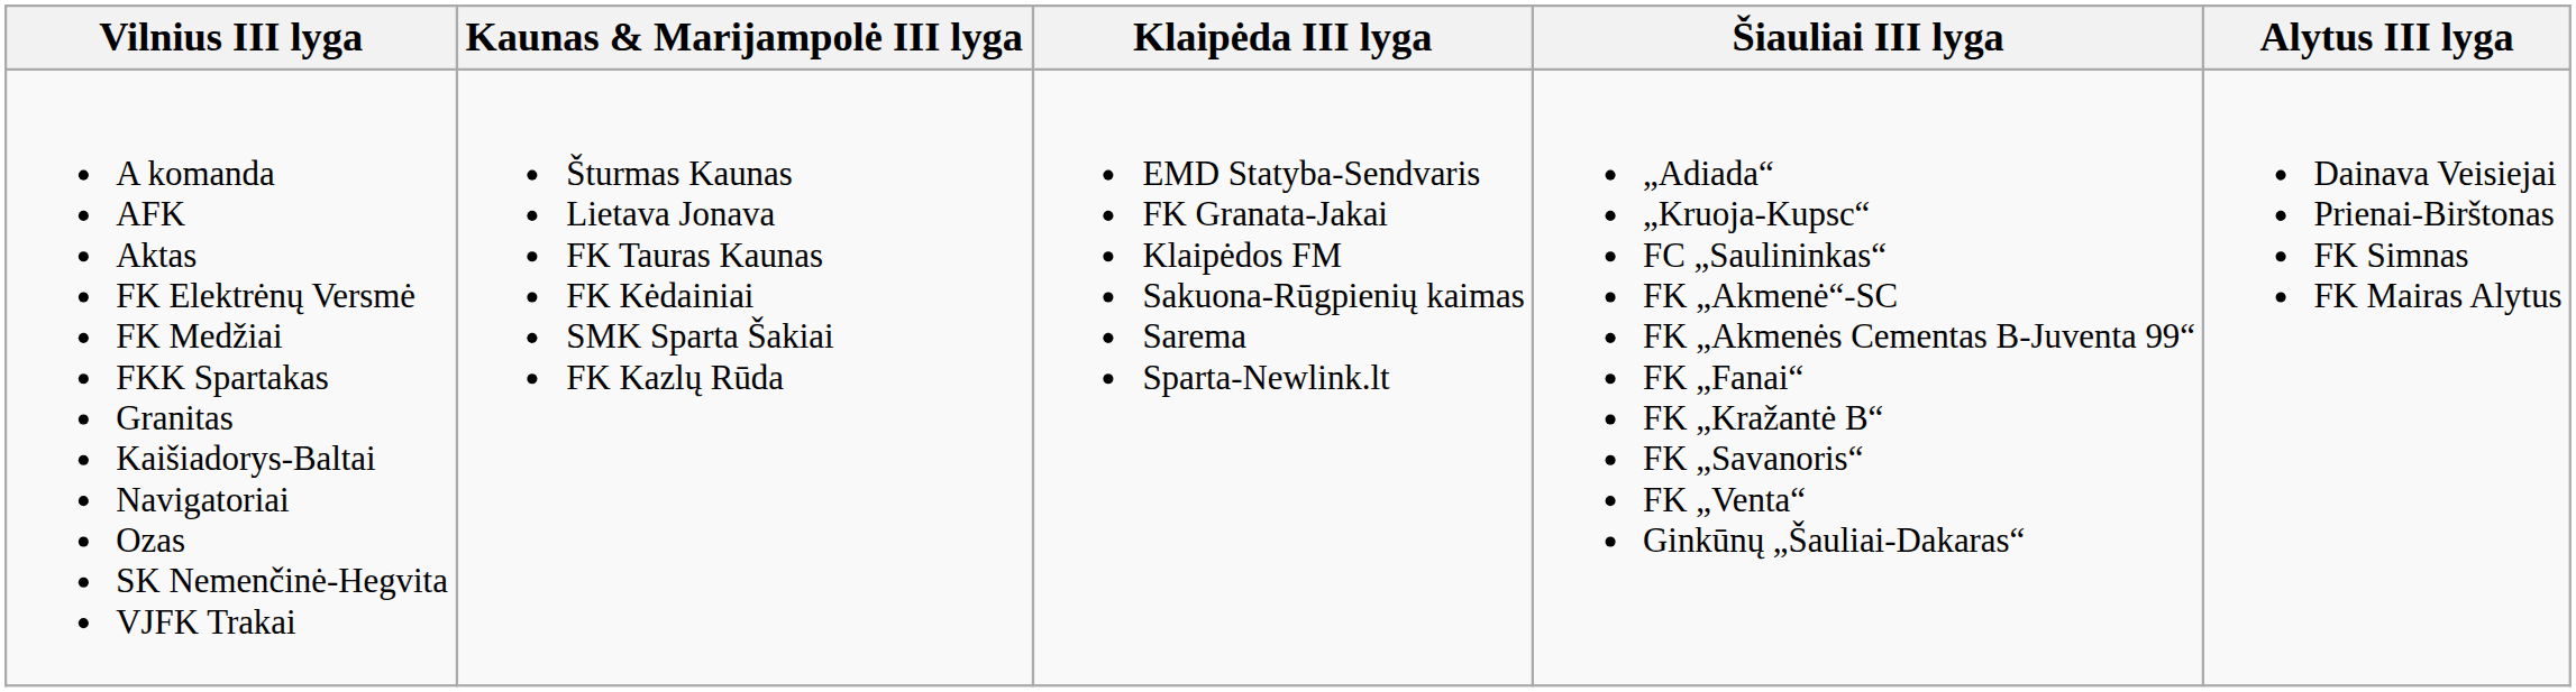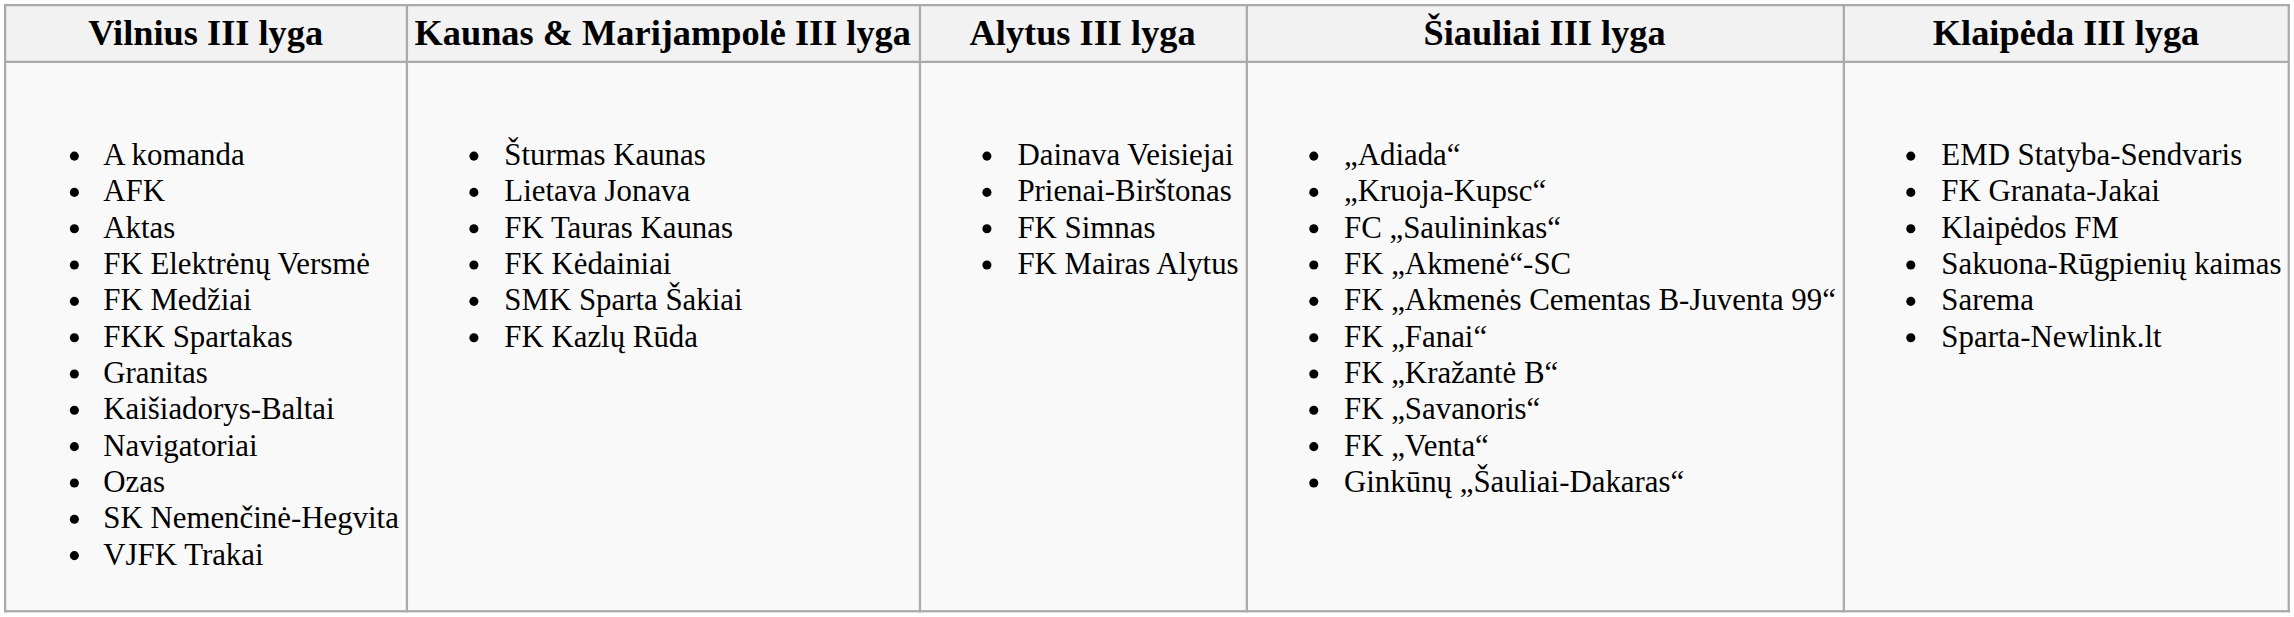 <table class="wikitable">
 <tr>
 <th>Vilnius III lyga</th>
 <th>Kaunas & Marijampolė III lyga</th>
+<th>Alytus III lyga</th>
+<th>Šiauliai III lyga</th>
 <th>Klaipėda III lyga</th>
-<th>Šiauliai III lyga</th>
-<th>Alytus III lyga</th>
 </tr>
 <tr style="vertical-align:top; font-size:85%;">
 <td><br><ul><li>A komanda</li><li>AFK</li><li>Aktas</li><li>FK Elektrėnų Versmė</li><li>FK Medžiai</li><li>FKK Spartakas</li><li>Granitas</li><li>Kaišiadorys-Baltai</li><li>Navigatoriai</li><li>Ozas</li><li>SK Nemenčinė-Hegvita</li><li>VJFK Trakai</li></ul></td>
 <td><br><ul><li>Šturmas Kaunas</li><li>Lietava Jonava</li><li>FK Tauras Kaunas</li><li>FK Kėdainiai</li><li>SMK Sparta Šakiai</li><li>FK Kazlų Rūda</li></ul></td>
+<td><br><ul><li>Dainava Veisiejai</li><li>Prienai-Birštonas</li><li>FK Simnas</li><li>FK Mairas Alytus</li></ul></td>
+<td><br><ul><li>„Adiada“</li><li>„Kruoja-Kupsc“</li><li>FC „Saulininkas“</li><li>FK „Akmenė“-SC</li><li>FK „Akmenės Cementas B-Juventa 99“</li><li>FK „Fanai“</li><li>FK „Kražantė B“</li><li>FK „Savanoris“</li><li>FK „Venta“</li><li>Ginkūnų „Šauliai-Dakaras“</li></ul></td>
 <td><br><ul><li>EMD Statyba-Sendvaris</li><li>FK Granata-Jakai</li><li>Klaipėdos FM</li><li>Sakuona-Rūgpienių kaimas</li><li>Sarema</li><li>Sparta-Newlink.lt</li></ul></td>
-<td><br><ul><li>„Adiada“</li><li>„Kruoja-Kupsc“</li><li>FC „Saulininkas“</li><li>FK „Akmenė“-SC</li><li>FK „Akmenės Cementas B-Juventa 99“</li><li>FK „Fanai“</li><li>FK „Kražantė B“</li><li>FK „Savanoris“</li><li>FK „Venta“</li><li>Ginkūnų „Šauliai-Dakaras“</li></ul></td>
-<td><br><ul><li>Dainava Veisiejai</li><li>Prienai-Birštonas</li><li>FK Simnas</li><li>FK Mairas Alytus</li></ul></td>
 </tr>
 </table>
